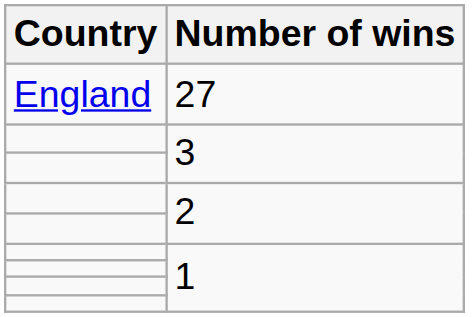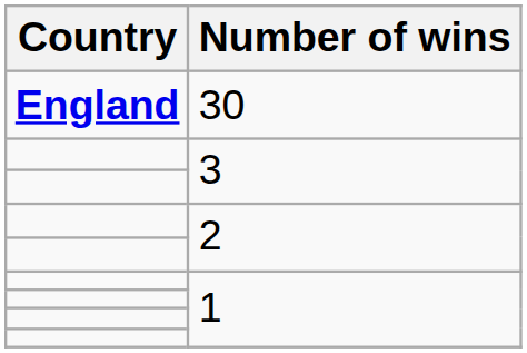 <table class="wikitable">
 <tr>
 <th>Country</th>
 <th>Number of wins</th>
 </tr>
 <tr>
-<td> <a href='#'>England</a></td>
-<td>27</td>
+<td><strong> <a href='#'>England</a></strong></td>
+<td>30</td>
 </tr>
 <tr>
 <td></td>
 <td rowspan="2">3</td>
 </tr>
 <tr>
 <td></td>
 </tr>
 <tr>
 <td></td>
 <td rowspan="2">2</td>
 </tr>
 <tr>
 <td></td>
 </tr>
 <tr>
 <td></td>
 <td rowspan="4">1</td>
 </tr>
 <tr>
 <td></td>
 </tr>
 <tr>
 <td></td>
 </tr>
 <tr>
 <td></td>
 </tr>
 </table>
